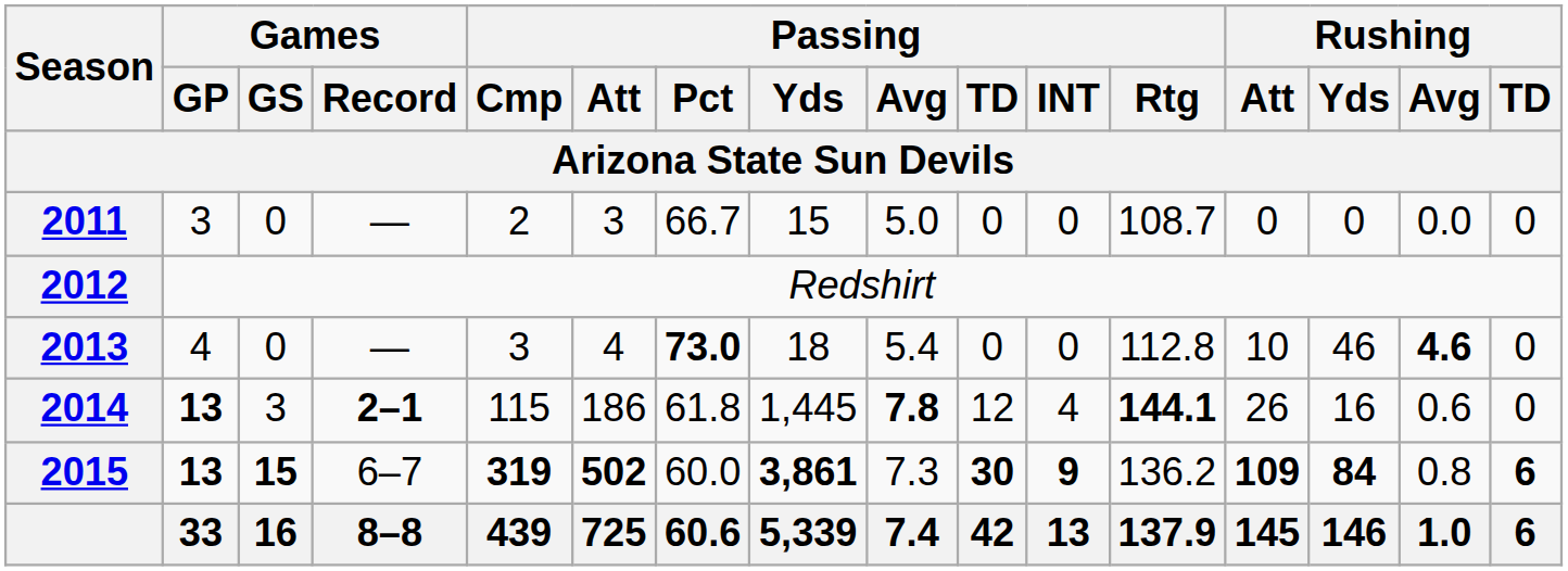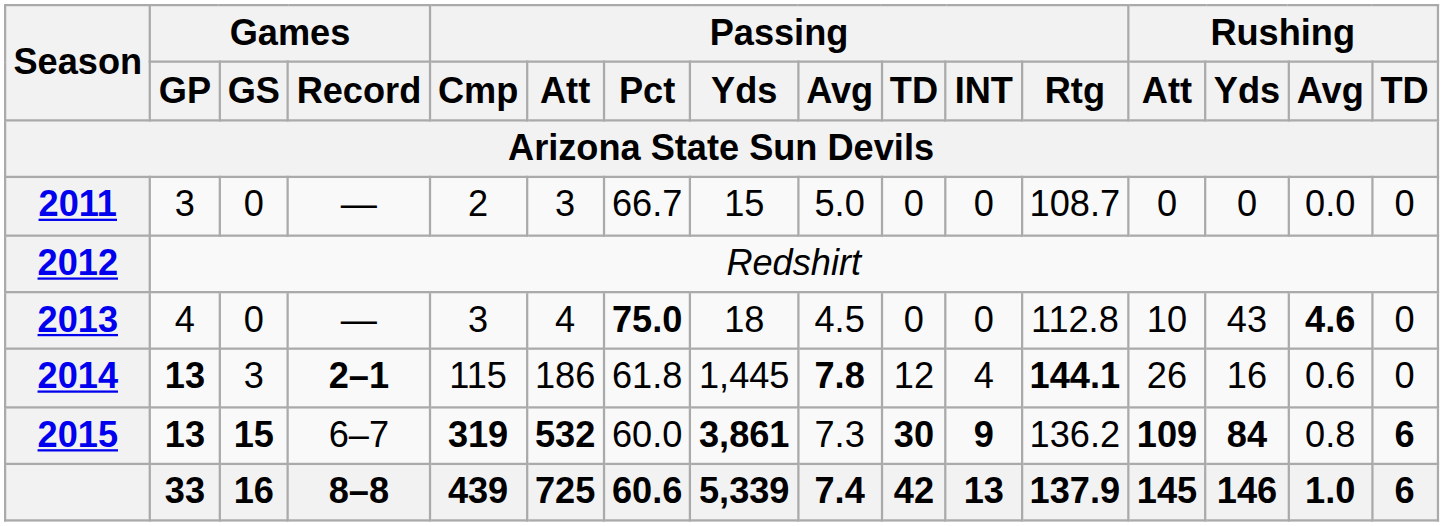 <table class="wikitable" style="text-align:center;">
 <tr>
 <th rowspan="2">Season</th>
 <th colspan="3">Games</th>
 <th colspan="8">Passing</th>
 <th colspan="4">Rushing</th>
 </tr>
 <tr>
 <th>GP</th>
 <th>GS</th>
 <th>Record</th>
 <th>Cmp</th>
 <th>Att</th>
 <th>Pct</th>
 <th>Yds</th>
 <th>Avg</th>
 <th>TD</th>
 <th>INT</th>
 <th>Rtg</th>
 <th>Att</th>
 <th>Yds</th>
 <th>Avg</th>
 <th>TD</th>
 </tr>
 <tr>
 <th colspan="16">Arizona State Sun Devils</th>
 </tr>
 <tr>
 <th><a href='#'>2011</a></th>
 <td>3</td>
 <td>0</td>
 <td>—</td>
 <td>2</td>
 <td>3</td>
 <td>66.7</td>
 <td>15</td>
 <td>5.0</td>
 <td>0</td>
 <td>0</td>
 <td>108.7</td>
 <td>0</td>
 <td>0</td>
 <td>0.0</td>
 <td>0</td>
 </tr>
 <tr>
 <th><a href='#'>2012</a></th>
 <td colspan="15"><em> Redshirt</em></td>
 </tr>
 <tr>
 <th><a href='#'>2013</a></th>
 <td>4</td>
 <td>0</td>
 <td>—</td>
 <td>3</td>
 <td>4</td>
-<td><strong>73.0</strong></td>
+<td><strong>75.0</strong></td>
 <td>18</td>
-<td>5.4</td>
+<td>4.5</td>
 <td>0</td>
 <td>0</td>
 <td>112.8</td>
 <td>10</td>
-<td>46</td>
+<td>43</td>
 <td><strong>4.6</strong></td>
 <td>0</td>
 </tr>
 <tr>
 <th><a href='#'>2014</a></th>
 <td><strong>13</strong></td>
 <td>3</td>
 <td><strong>2–1</strong></td>
 <td>115</td>
 <td>186</td>
 <td>61.8</td>
 <td>1,445</td>
 <td><strong>7.8</strong></td>
 <td>12</td>
 <td>4</td>
 <td><strong>144.1</strong></td>
 <td>26</td>
 <td>16</td>
 <td>0.6</td>
 <td>0</td>
 </tr>
 <tr>
 <th><a href='#'>2015</a></th>
 <td><strong>13</strong></td>
 <td><strong>15</strong></td>
 <td>6–7</td>
 <td><strong>319</strong></td>
-<td><strong>502</strong></td>
+<td><strong>532</strong></td>
 <td>60.0</td>
 <td><strong>3,861</strong></td>
 <td>7.3</td>
 <td><strong>30</strong></td>
 <td><strong>9</strong></td>
 <td>136.2</td>
 <td><strong>109</strong></td>
 <td><strong>84</strong></td>
 <td>0.8</td>
 <td><strong>6</strong></td>
 </tr>
 <tr>
 <th></th>
 <th>33</th>
 <th>16</th>
 <th>8–8</th>
 <th>439</th>
 <th>725</th>
 <th>60.6</th>
 <th>5,339</th>
 <th>7.4</th>
 <th>42</th>
 <th>13</th>
 <th>137.9</th>
 <th>145</th>
 <th>146</th>
 <th>1.0</th>
 <th>6</th>
 </tr>
 </table>
